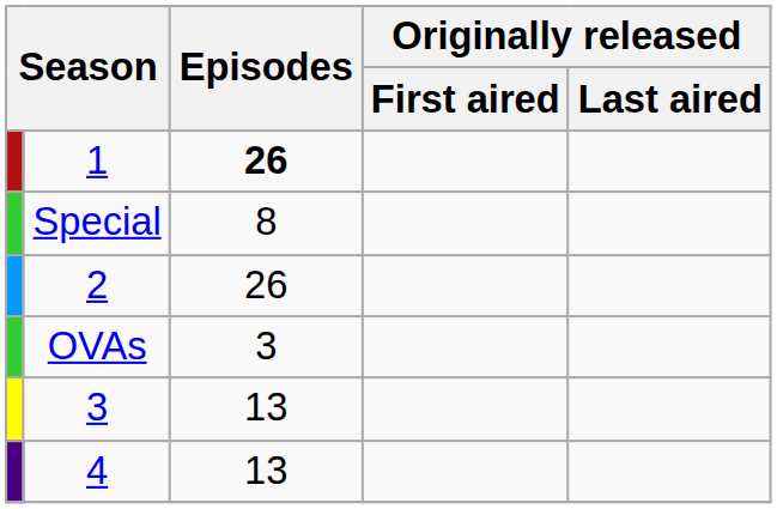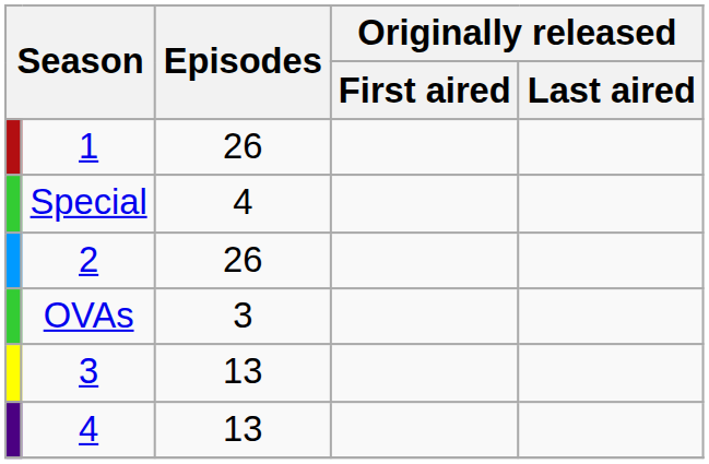 <table class="wikitable plainrowheaders" style="text-align:center;">
 <tr>
 <th colspan="2" rowspan="2">Season</th>
 <th rowspan="2">Episodes</th>
 <th colspan="2">Originally released</th>
 </tr>
 <tr>
 <th>First aired</th>
 <th>Last aired</th>
 </tr>
 <tr>
 <td style="background: #B30E11;"></td>
 <td><a href='#'>1</a></td>
-<td><strong>26</strong></td>
+<td>26</td>
 <td></td>
 <td></td>
 </tr>
 <tr>
 <td style="background: #33cc33;"></td>
 <td><a href='#'>Special</a></td>
-<td>8</td>
+<td>4</td>
 <td></td>
 <td></td>
 </tr>
 <tr>
 <td style="background: #009AFF;"></td>
 <td><a href='#'>2</a></td>
 <td>26</td>
 <td></td>
 <td></td>
 </tr>
 <tr>
 <td style="background: #33cc33;"></td>
 <td><a href='#'>OVAs</a></td>
 <td>3</td>
 <td></td>
 <td></td>
 </tr>
 <tr>
 <td style="background: #ffff00;"></td>
 <td><a href='#'>3</a></td>
 <td>13</td>
 <td></td>
 <td></td>
 </tr>
 <tr>
 <td style="background: #4B0082;"></td>
 <td><a href='#'>4</a></td>
 <td>13</td>
 <td></td>
 <td></td>
 </tr>
 <tr>
 </tr>
 </table>
